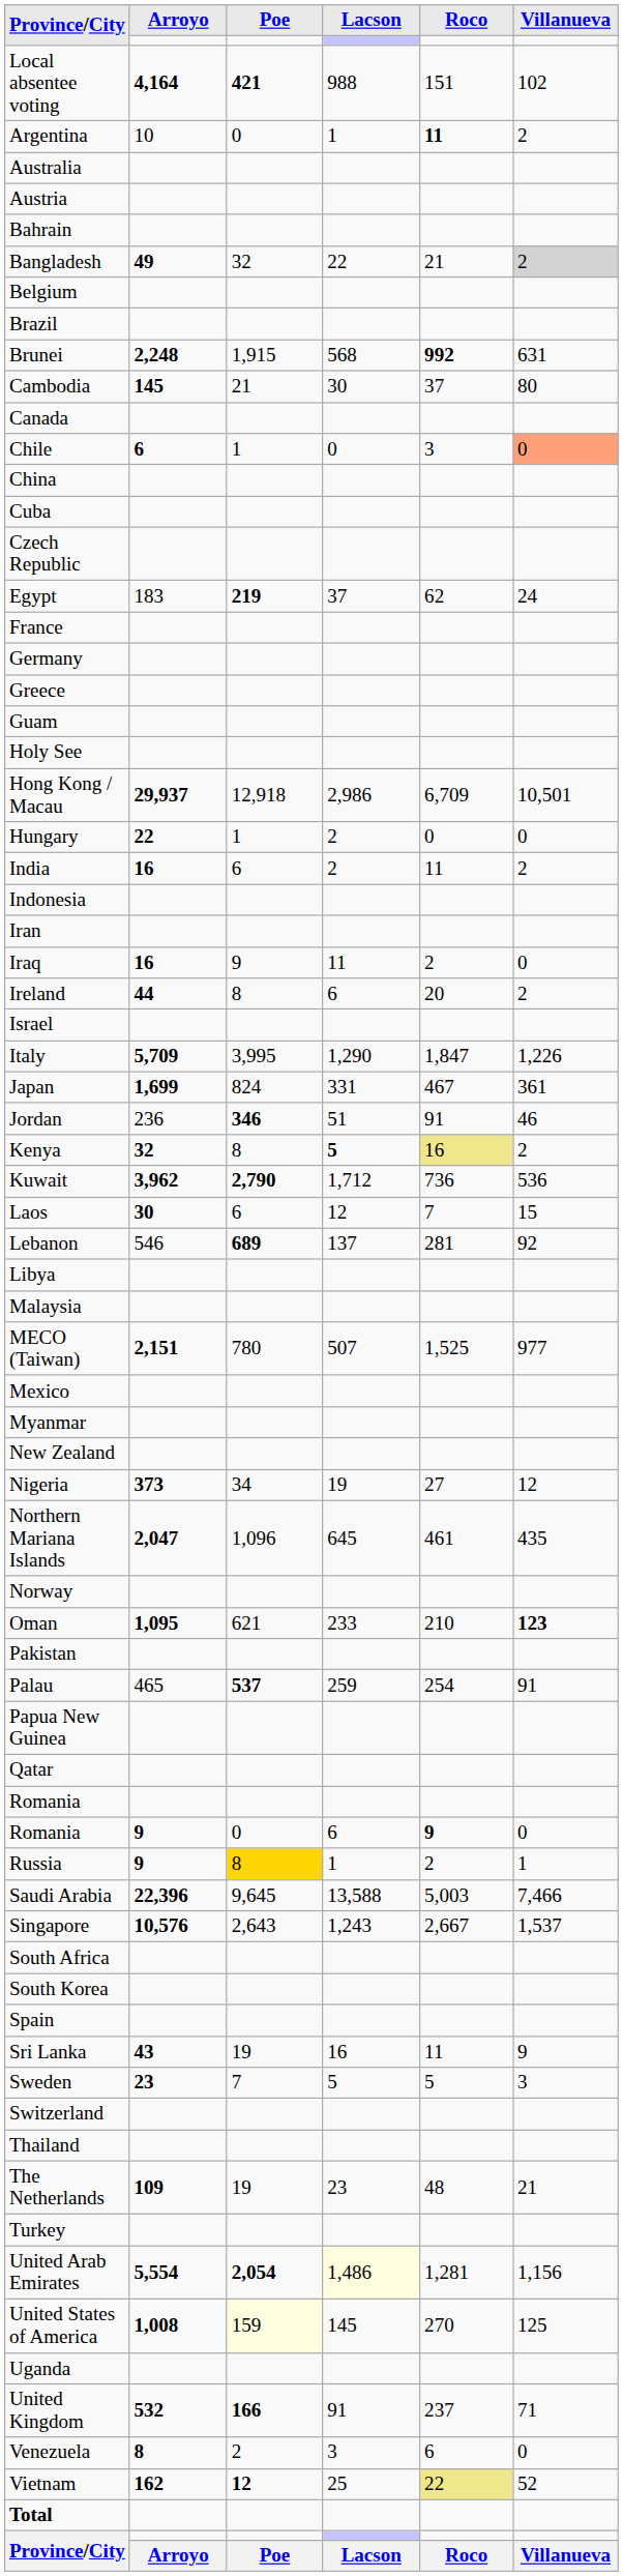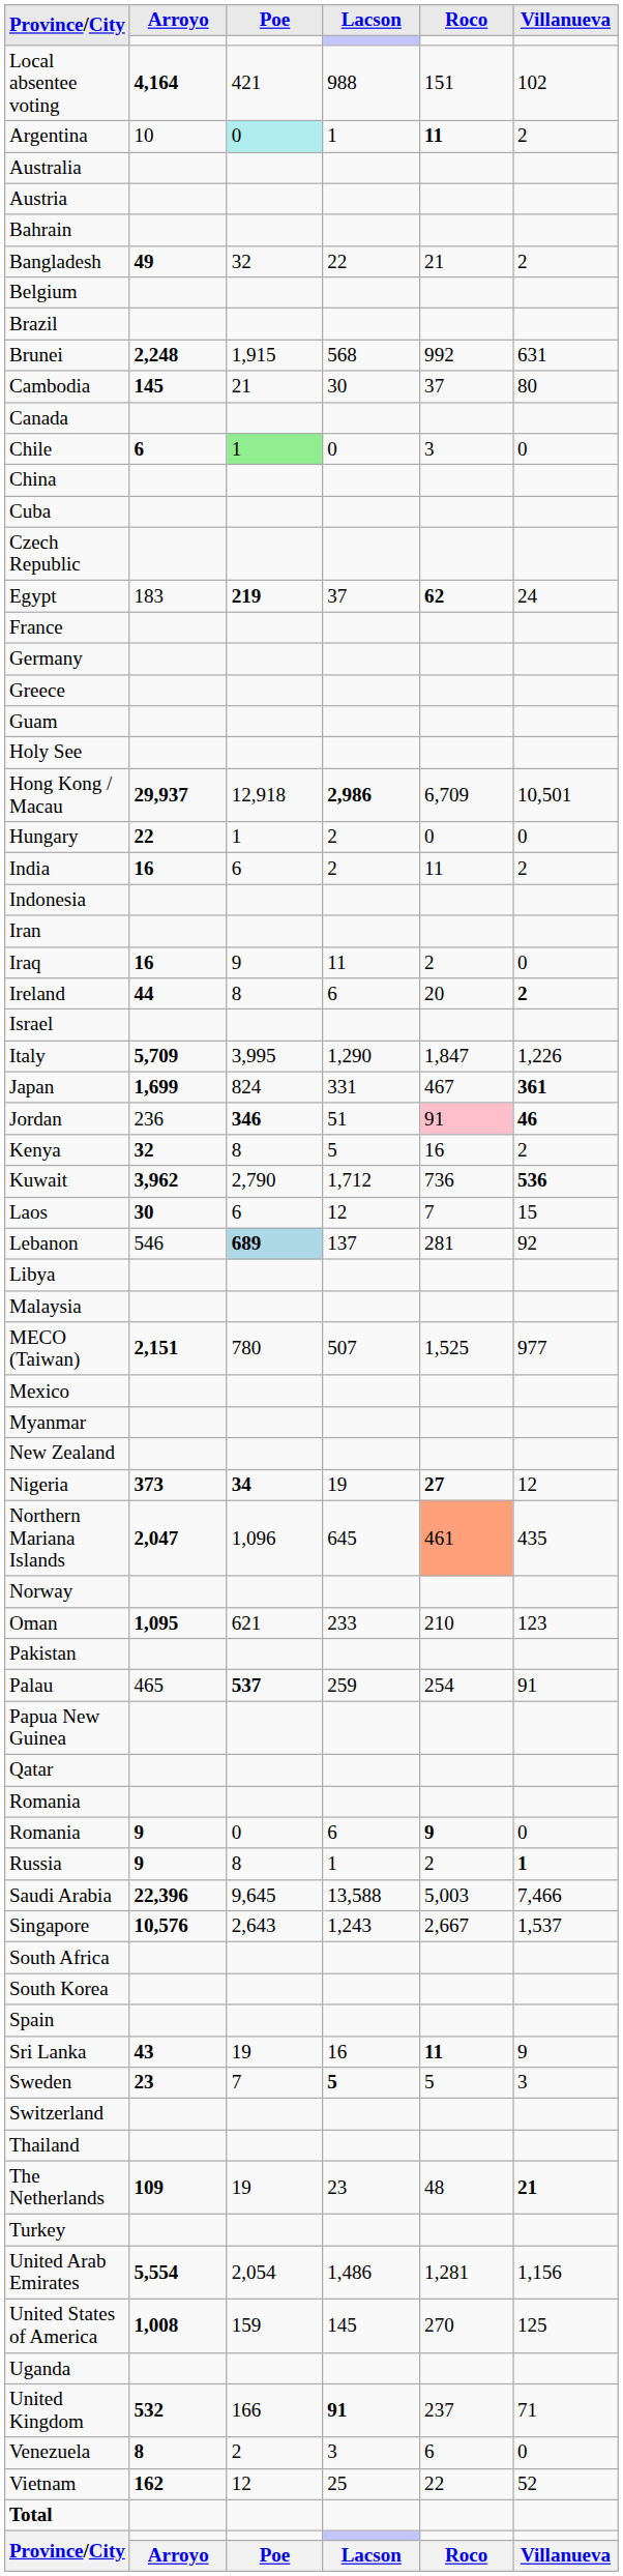 <table class="wikitable" width="80%">
 <tr bgcolor="#cccccc">
 <th rowspan="2" style="background: #E9E9E9" width="80"><a href='#'>Province</a>/<a href='#'>City</a></th>
 <th style="background: #E9E9E9" width="80"><a href='#'>Arroyo</a></th>
 <th style="background: #E9E9E9" width="80"><a href='#'>Poe</a></th>
 <th style="background: #E9E9E9" width="80"><a href='#'>Lacson</a></th>
 <th style="background: #E9E9E9" width="80"><a href='#'>Roco</a></th>
 <th style="background: #E9E9E9" width="80"><a href='#'>Villanueva</a></th>
 </tr>
 <tr>
 <td></td>
 <td></td>
 <td style="background:#c4c4ff;"></td>
 <td></td>
 <td></td>
 </tr>
 <tr>
 <td>Local absentee voting</td>
 <td><strong>4,164</strong></td>
-<td><strong>421</strong></td>
+<td>421</td>
 <td>988</td>
 <td>151</td>
 <td>102</td>
 </tr>
 <tr>
 <td>Argentina</td>
 <td>10</td>
-<td>0</td>
+<td style="background: paleturquoise;">0</td>
 <td>1</td>
 <td><strong>11</strong></td>
 <td>2</td>
 </tr>
 <tr>
 <td>Australia</td>
 <td></td>
 <td></td>
 <td></td>
 <td></td>
 <td></td>
 </tr>
 <tr>
 <td>Austria</td>
 <td></td>
 <td></td>
 <td></td>
 <td></td>
 <td></td>
 </tr>
 <tr>
 <td>Bahrain</td>
 <td></td>
 <td></td>
 <td></td>
 <td></td>
 <td></td>
 </tr>
 <tr>
 <td>Bangladesh</td>
 <td><strong>49</strong></td>
 <td>32</td>
 <td>22</td>
 <td>21</td>
-<td style="background: lightgrey;">2</td>
+<td>2</td>
 </tr>
 <tr>
 <td>Belgium</td>
 <td></td>
 <td></td>
 <td></td>
 <td></td>
 <td></td>
 </tr>
 <tr>
 <td>Brazil</td>
 <td></td>
 <td></td>
 <td></td>
 <td></td>
 <td></td>
 </tr>
 <tr>
 <td>Brunei</td>
 <td><strong>2,248</strong></td>
 <td>1,915</td>
 <td>568</td>
-<td><strong>992</strong></td>
+<td>992</td>
 <td>631</td>
 </tr>
 <tr>
 <td>Cambodia</td>
 <td><strong>145</strong></td>
 <td>21</td>
 <td>30</td>
 <td>37</td>
 <td>80</td>
 </tr>
 <tr>
 <td>Canada</td>
 <td></td>
 <td></td>
 <td></td>
 <td></td>
 <td></td>
 </tr>
 <tr>
 <td>Chile</td>
 <td><strong>6</strong></td>
-<td>1</td>
+<td style="background: lightgreen;">1</td>
 <td>0</td>
 <td>3</td>
-<td style="background: lightsalmon;">0</td>
+<td>0</td>
 </tr>
 <tr>
 <td>China</td>
 <td></td>
 <td></td>
 <td></td>
 <td></td>
 <td></td>
 </tr>
 <tr>
 <td>Cuba</td>
 <td></td>
 <td></td>
 <td></td>
 <td></td>
 <td></td>
 </tr>
 <tr>
 <td>Czech Republic</td>
 <td></td>
 <td></td>
 <td></td>
 <td></td>
 <td></td>
 </tr>
 <tr>
 <td>Egypt</td>
 <td>183</td>
 <td><strong>219</strong></td>
 <td>37</td>
-<td>62</td>
+<td><strong>62</strong></td>
 <td>24</td>
 </tr>
 <tr>
 <td>France</td>
 <td></td>
 <td></td>
 <td></td>
 <td></td>
 <td></td>
 </tr>
 <tr>
 <td>Germany</td>
 <td></td>
 <td></td>
 <td></td>
 <td></td>
 <td></td>
 </tr>
 <tr>
 <td>Greece</td>
 <td></td>
 <td></td>
 <td></td>
 <td></td>
 <td></td>
 </tr>
 <tr>
 <td>Guam</td>
 <td></td>
 <td></td>
 <td></td>
 <td></td>
 <td></td>
 </tr>
 <tr>
 <td>Holy See</td>
 <td></td>
 <td></td>
 <td></td>
 <td></td>
 <td></td>
 </tr>
 <tr>
 <td>Hong Kong / Macau</td>
 <td><strong>29,937</strong></td>
 <td>12,918</td>
-<td>2,986</td>
+<td><strong>2,986</strong></td>
 <td>6,709</td>
 <td>10,501</td>
 </tr>
 <tr>
 <td>Hungary</td>
 <td><strong>22</strong></td>
 <td>1</td>
 <td>2</td>
 <td>0</td>
 <td>0</td>
 </tr>
 <tr>
 <td>India</td>
 <td><strong>16</strong></td>
 <td>6</td>
 <td>2</td>
 <td>11</td>
 <td>2</td>
 </tr>
 <tr>
 <td>Indonesia</td>
 <td></td>
 <td></td>
 <td></td>
 <td></td>
 <td></td>
 </tr>
 <tr>
 <td>Iran</td>
 <td></td>
 <td></td>
 <td></td>
 <td></td>
 <td></td>
 </tr>
 <tr>
 <td>Iraq</td>
 <td><strong>16</strong></td>
 <td>9</td>
 <td>11</td>
 <td>2</td>
 <td>0</td>
 </tr>
 <tr>
 <td>Ireland</td>
 <td><strong>44</strong></td>
 <td>8</td>
 <td>6</td>
 <td>20</td>
-<td>2</td>
+<td><strong>2</strong></td>
 </tr>
 <tr>
 <td>Israel</td>
 <td></td>
 <td></td>
 <td></td>
 <td></td>
 <td></td>
 </tr>
 <tr>
 <td>Italy</td>
 <td><strong>5,709</strong></td>
 <td>3,995</td>
 <td>1,290</td>
 <td>1,847</td>
 <td>1,226</td>
 </tr>
 <tr>
 <td>Japan</td>
 <td><strong>1,699</strong></td>
 <td>824</td>
 <td>331</td>
 <td>467</td>
-<td>361</td>
+<td><strong>361</strong></td>
 </tr>
 <tr>
 <td>Jordan</td>
 <td>236</td>
 <td><strong>346</strong></td>
 <td>51</td>
-<td>91</td>
-<td>46</td>
+<td style="background: pink;">91</td>
+<td><strong>46</strong></td>
 </tr>
 <tr>
 <td>Kenya</td>
 <td><strong>32</strong></td>
 <td>8</td>
-<td><strong>5</strong></td>
-<td style="background: khaki;">16</td>
+<td>5</td>
+<td>16</td>
 <td>2</td>
 </tr>
 <tr>
 <td>Kuwait</td>
 <td><strong>3,962</strong></td>
-<td><strong>2,790</strong></td>
+<td>2,790</td>
 <td>1,712</td>
 <td>736</td>
-<td>536</td>
+<td><strong>536</strong></td>
 </tr>
 <tr>
 <td>Laos</td>
 <td><strong>30</strong></td>
 <td>6</td>
 <td>12</td>
 <td>7</td>
 <td>15</td>
 </tr>
 <tr>
 <td>Lebanon</td>
 <td>546</td>
-<td><strong>689</strong></td>
+<td style="background: lightblue;"><strong>689</strong></td>
 <td>137</td>
 <td>281</td>
 <td>92</td>
 </tr>
 <tr>
 <td>Libya</td>
 <td></td>
 <td></td>
 <td></td>
 <td></td>
 <td></td>
 </tr>
 <tr>
 <td>Malaysia</td>
 <td></td>
 <td></td>
 <td></td>
 <td></td>
 <td></td>
 </tr>
 <tr>
 <td>MECO (Taiwan)</td>
 <td><strong>2,151</strong></td>
 <td>780</td>
 <td>507</td>
 <td>1,525</td>
 <td>977</td>
 </tr>
 <tr>
 <td>Mexico</td>
 <td></td>
 <td></td>
 <td></td>
 <td></td>
 <td></td>
 </tr>
 <tr>
 <td>Myanmar</td>
 <td></td>
 <td></td>
 <td></td>
 <td></td>
 <td></td>
 </tr>
 <tr>
 <td>New Zealand</td>
 <td></td>
 <td></td>
 <td></td>
 <td></td>
 <td></td>
 </tr>
 <tr>
 <td>Nigeria</td>
 <td><strong>373</strong></td>
-<td>34</td>
+<td><strong>34</strong></td>
 <td>19</td>
-<td>27</td>
+<td><strong>27</strong></td>
 <td>12</td>
 </tr>
 <tr>
 <td>Northern Mariana Islands</td>
 <td><strong>2,047</strong></td>
 <td>1,096</td>
 <td>645</td>
-<td>461</td>
+<td style="background: lightsalmon;">461</td>
 <td>435</td>
 </tr>
 <tr>
 <td>Norway</td>
 <td></td>
 <td></td>
 <td></td>
 <td></td>
 <td></td>
 </tr>
 <tr>
 <td>Oman</td>
 <td><strong>1,095</strong></td>
 <td>621</td>
 <td>233</td>
 <td>210</td>
-<td><strong>123</strong></td>
+<td>123</td>
 </tr>
 <tr>
 <td>Pakistan</td>
 <td></td>
 <td></td>
 <td></td>
 <td></td>
 <td></td>
 </tr>
 <tr>
 <td>Palau</td>
 <td>465</td>
 <td><strong>537</strong></td>
 <td>259</td>
 <td>254</td>
 <td>91</td>
 </tr>
 <tr>
 <td>Papua New Guinea</td>
 <td></td>
 <td></td>
 <td></td>
 <td></td>
 <td></td>
 </tr>
 <tr>
 <td>Qatar</td>
 <td></td>
 <td></td>
 <td></td>
 <td></td>
 <td></td>
 </tr>
 <tr>
 <td>Romania</td>
 <td></td>
 <td></td>
 <td></td>
 <td></td>
 <td></td>
 </tr>
 <tr>
 <td>Romania</td>
 <td><strong>9</strong></td>
 <td>0</td>
 <td>6</td>
 <td><strong>9</strong></td>
 <td>0</td>
 </tr>
 <tr>
 <td>Russia</td>
 <td><strong>9</strong></td>
-<td style="background: gold;">8</td>
+<td>8</td>
 <td>1</td>
 <td>2</td>
-<td>1</td>
+<td><strong>1</strong></td>
 </tr>
 <tr>
 <td>Saudi Arabia</td>
 <td><strong>22,396</strong></td>
 <td>9,645</td>
 <td>13,588</td>
 <td>5,003</td>
 <td>7,466</td>
 </tr>
 <tr>
 <td>Singapore</td>
 <td><strong>10,576</strong></td>
 <td>2,643</td>
 <td>1,243</td>
 <td>2,667</td>
 <td>1,537</td>
 </tr>
 <tr>
 <td>South Africa</td>
 <td></td>
 <td></td>
 <td></td>
 <td></td>
 <td></td>
 </tr>
 <tr>
 <td>South Korea</td>
 <td></td>
 <td></td>
 <td></td>
 <td></td>
 <td></td>
 </tr>
 <tr>
 <td>Spain</td>
 <td></td>
 <td></td>
 <td></td>
 <td></td>
 <td></td>
 </tr>
 <tr>
 <td>Sri Lanka</td>
 <td><strong>43</strong></td>
 <td>19</td>
 <td>16</td>
-<td>11</td>
+<td><strong>11</strong></td>
 <td>9</td>
 </tr>
 <tr>
 <td>Sweden</td>
 <td><strong>23</strong></td>
 <td>7</td>
-<td>5</td>
+<td><strong>5</strong></td>
 <td>5</td>
 <td>3</td>
 </tr>
 <tr>
 <td>Switzerland</td>
 <td></td>
 <td></td>
 <td></td>
 <td></td>
 <td></td>
 </tr>
 <tr>
 <td>Thailand</td>
 <td></td>
 <td></td>
 <td></td>
 <td></td>
 <td></td>
 </tr>
 <tr>
 <td>The Netherlands</td>
 <td><strong>109</strong></td>
 <td>19</td>
 <td>23</td>
 <td>48</td>
-<td>21</td>
+<td><strong>21</strong></td>
 </tr>
 <tr>
 <td>Turkey</td>
 <td></td>
 <td></td>
 <td></td>
 <td></td>
 <td></td>
 </tr>
 <tr>
 <td>United Arab Emirates</td>
 <td><strong>5,554</strong></td>
-<td><strong>2,054</strong></td>
-<td style="background: lightyellow;">1,486</td>
+<td>2,054</td>
+<td>1,486</td>
 <td>1,281</td>
 <td>1,156</td>
 </tr>
 <tr>
 <td>United States of America</td>
 <td><strong>1,008</strong></td>
-<td style="background: lightyellow;">159</td>
+<td>159</td>
 <td>145</td>
 <td>270</td>
 <td>125</td>
 </tr>
 <tr>
 <td>Uganda</td>
 <td></td>
 <td></td>
 <td></td>
 <td></td>
 <td></td>
 </tr>
 <tr>
 <td>United Kingdom</td>
 <td><strong>532</strong></td>
-<td><strong>166</strong></td>
-<td>91</td>
+<td>166</td>
+<td><strong>91</strong></td>
 <td>237</td>
 <td>71</td>
 </tr>
 <tr>
 <td>Venezuela</td>
 <td><strong>8</strong></td>
 <td>2</td>
 <td>3</td>
 <td>6</td>
 <td>0</td>
 </tr>
 <tr>
 <td>Vietnam</td>
 <td><strong>162</strong></td>
-<td><strong>12</strong></td>
+<td>12</td>
 <td>25</td>
-<td style="background: khaki;">22</td>
+<td>22</td>
 <td>52</td>
 </tr>
 <tr>
 <td><strong>Total</strong></td>
 <td></td>
 <td></td>
 <td></td>
 <td></td>
 <td></td>
 </tr>
 <tr>
 <th rowspan="2"><a href='#'>Province</a>/<a href='#'>City</a></th>
 <td></td>
 <td></td>
 <td style="background:#c4c4ff;"></td>
 <td></td>
 <td></td>
 </tr>
 <tr>
 <th><a href='#'>Arroyo</a></th>
 <th><a href='#'>Poe</a></th>
 <th><a href='#'>Lacson</a></th>
 <th><a href='#'>Roco</a></th>
 <th><a href='#'>Villanueva</a></th>
 </tr>
 </table>
